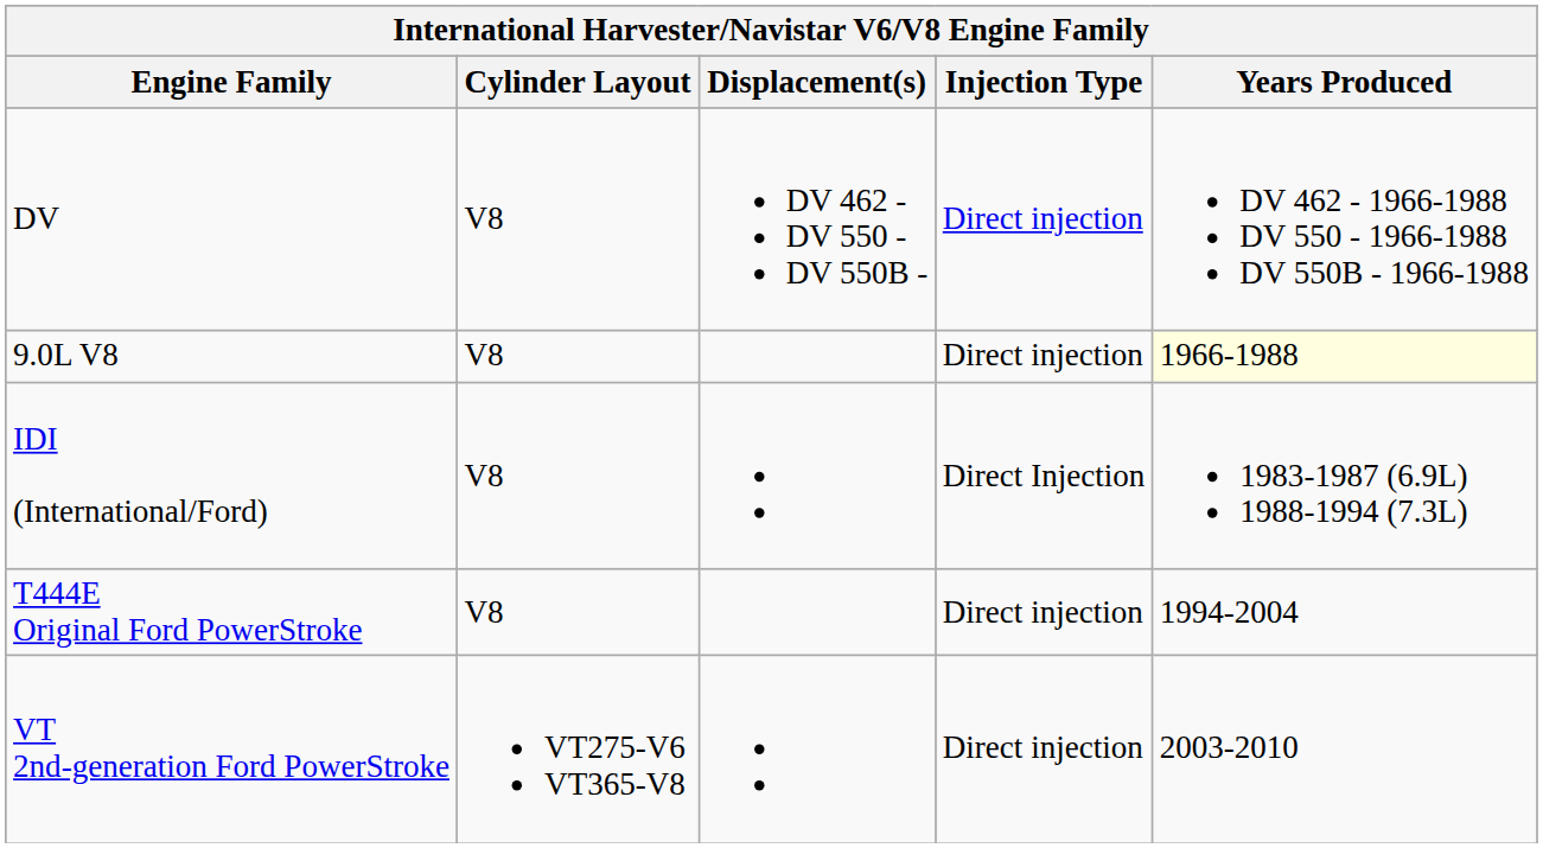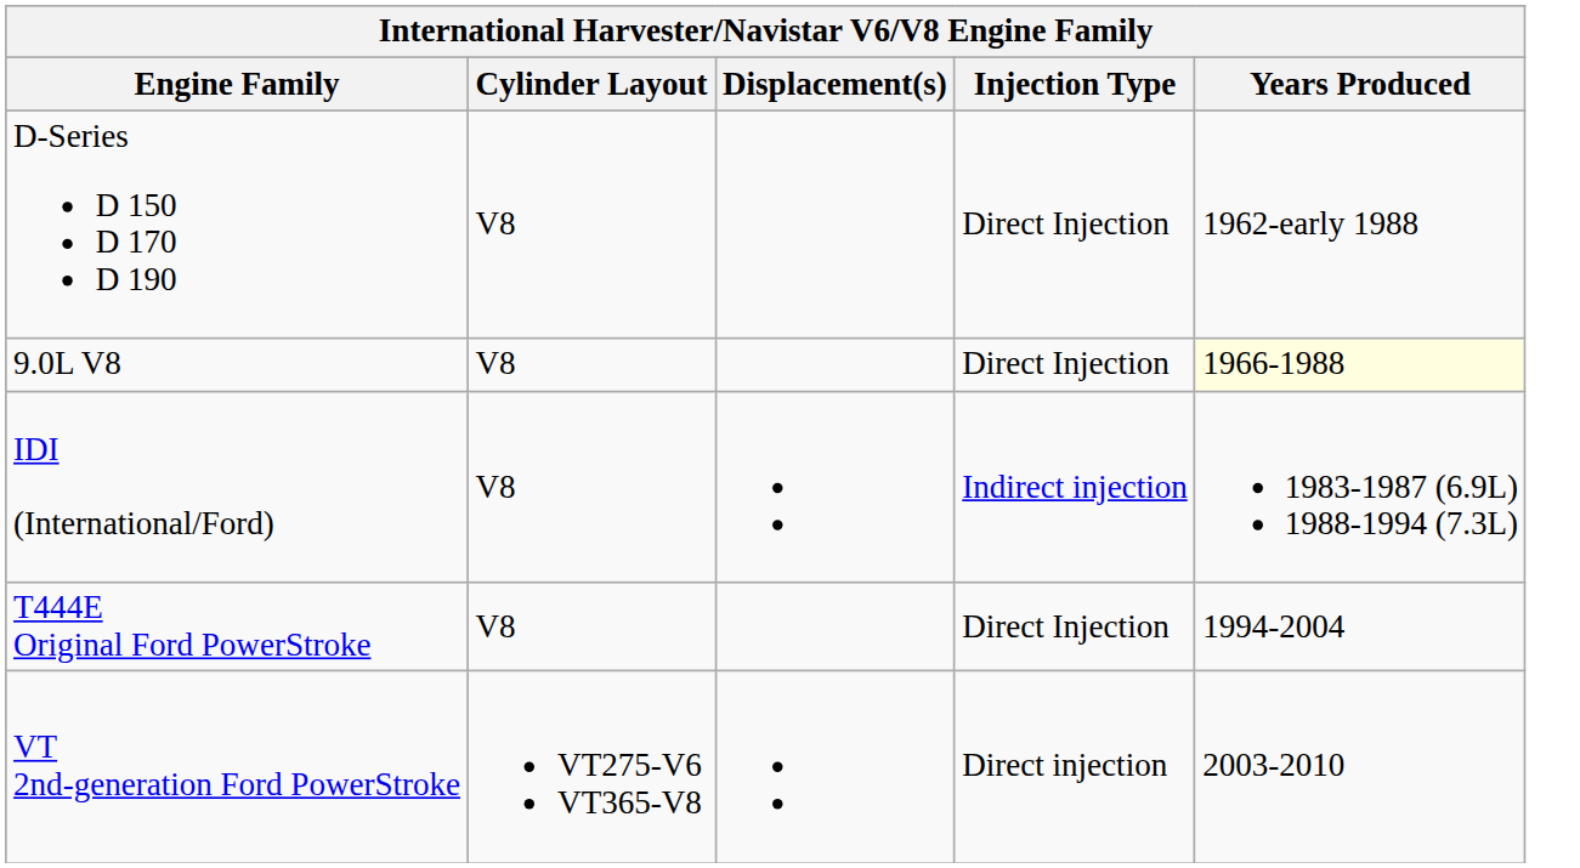 <table class="wikitable" border="1">
 <tr>
 <th colspan=5>International Harvester/Navistar V6/V8 Engine Family</th>
 </tr>
 <tr>
 <th>Engine Family</th>
 <th>Cylinder Layout</th>
 <th>Displacement(s)</th>
 <th>Injection Type</th>
 <th>Years Produced</th>
 </tr>
 <tr>
-<td>DV</td>
+<td>D-Series<br><ul><li>D 150</li><li>D 170</li><li>D 190</li></ul></td>
 <td>V8</td>
-<td><br><ul><li>DV 462 - </li><li>DV 550 - </li><li>DV 550B - </li></ul></td>
-<td><a href='#'>Direct injection</a></td>
-<td><br><ul><li>DV 462 - 1966-1988</li><li>DV 550 - 1966-1988</li><li>DV 550B - 1966-1988</li></ul></td>
+<td></td>
+<td>Direct Injection</td>
+<td>1962-early 1988</td>
 </tr>
 <tr>
 <td>9.0L V8</td>
 <td>V8</td>
 <td></td>
-<td>Direct injection</td>
+<td>Direct Injection</td>
 <td style="background: lightyellow;">1966-1988</td>
 </tr>
 <tr>
 <td><a href='#'>IDI</a><br><br>(International/Ford)</td>
 <td>V8</td>
 <td><br><ul><li></li><li></li></ul></td>
-<td>Direct Injection</td>
+<td><a href='#'>Indirect injection</a></td>
 <td><br><ul><li>1983-1987 (6.9L)</li><li>1988-1994 (7.3L)</li></ul></td>
 </tr>
 <tr>
 <td><a href='#'>T444E<br> Original Ford PowerStroke</a></td>
 <td>V8</td>
 <td></td>
-<td>Direct injection</td>
+<td>Direct Injection</td>
 <td>1994-2004</td>
 </tr>
 <tr>
 <td><a href='#'>VT<br> 2nd-generation Ford PowerStroke</a></td>
 <td><br><ul><li>VT275-V6</li><li>VT365-V8</li></ul></td>
 <td><br><ul><li></li><li></li></ul></td>
 <td>Direct injection</td>
 <td>2003-2010</td>
 </tr>
 </table>
